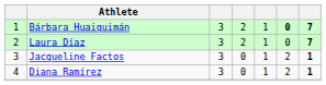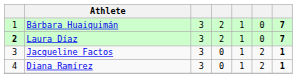 <table class="wikitable" style="text-align: center; font-size:100% ">
 <tr>
 <th width=25></th>
 <th width=250>Athlete</th>
 <th width=25></th>
 <th width=25></th>
 <th width=25></th>
 <th width=25></th>
 <th width=25></th>
 </tr>
 <tr bgcolor="ccffcc">
 <td>1</td>
 <td align=left> <a href='#'>Bárbara Huaiquimán</a></td>
 <td>3</td>
 <td>2</td>
 <td>1</td>
-<td><strong>0</strong></td>
+<td>0</td>
 <td><strong>7</strong></td>
 </tr>
 <tr bgcolor="ccffcc">
-<td>2</td>
+<td><strong>2</strong></td>
 <td align=left> <a href='#'>Laura Díaz</a></td>
 <td>3</td>
 <td>2</td>
 <td>1</td>
 <td>0</td>
 <td><strong>7</strong></td>
 </tr>
 <tr>
 <td>3</td>
 <td align=left> <a href='#'>Jacqueline Factos</a></td>
 <td>3</td>
 <td>0</td>
 <td>1</td>
 <td>2</td>
 <td><strong>1</strong></td>
 </tr>
 <tr>
 <td>4</td>
 <td align=left> <a href='#'>Diana Ramírez</a></td>
 <td>3</td>
 <td>0</td>
 <td>1</td>
 <td>2</td>
 <td><strong>1</strong></td>
 </tr>
 <tr>
 </tr>
 </table>
